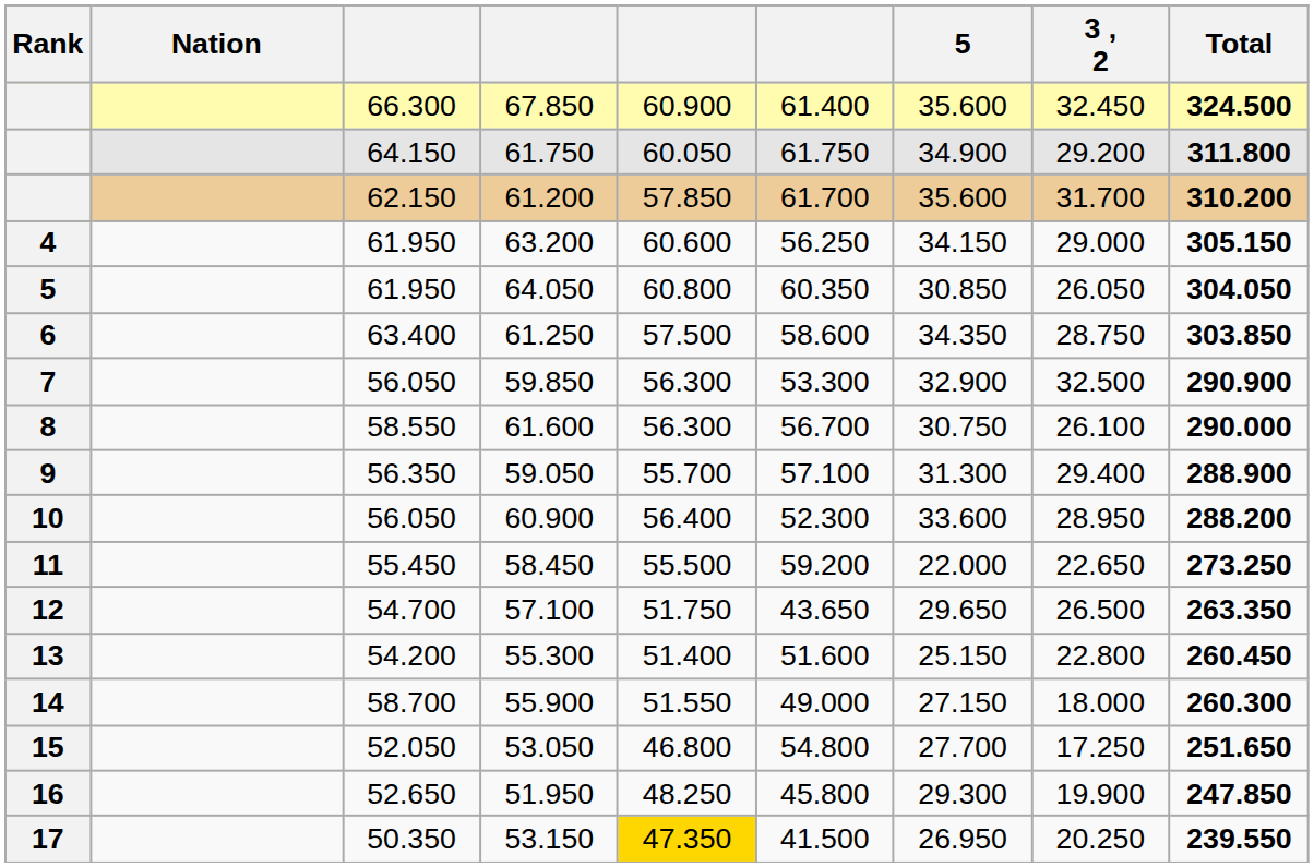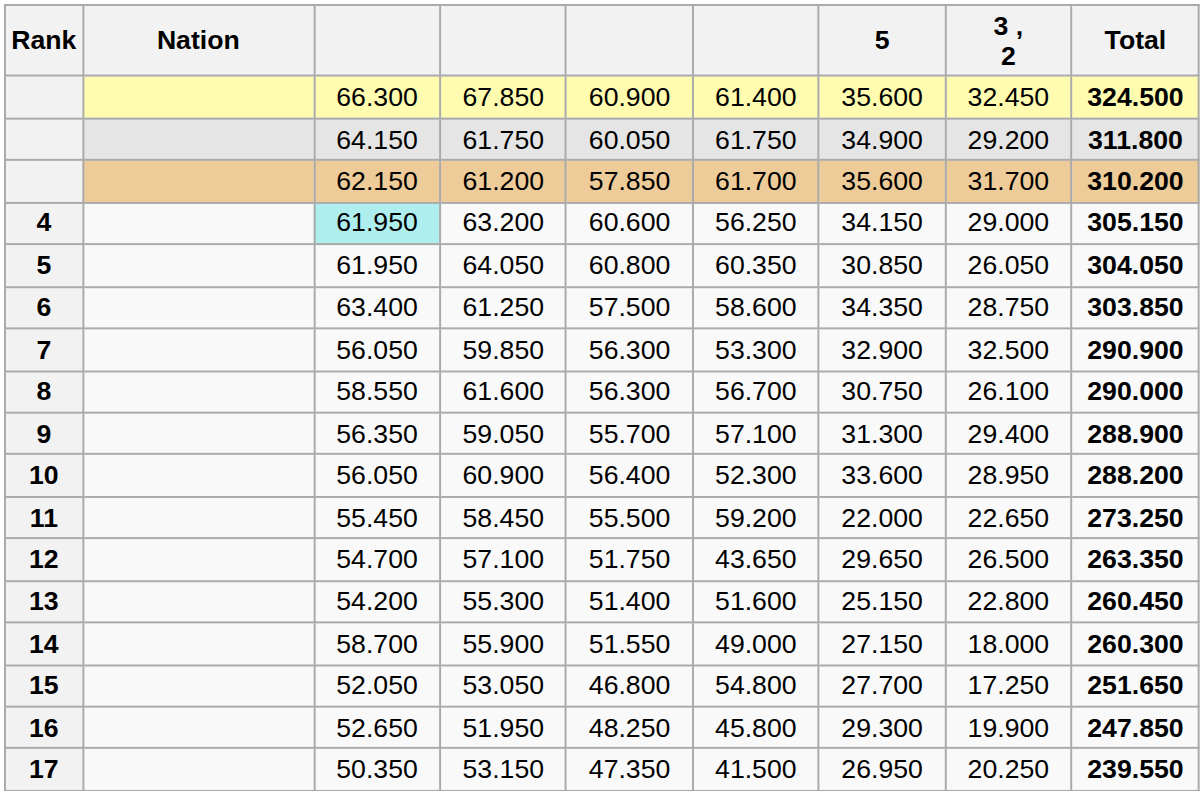 <table class="wikitable sortable" style="text-align:center; font-size:85%">
 <tr>
 <th scope="col" style="width:20px;">Rank</th>
 <th scope="col" style="width:120px;">Nation</th>
 <th scope="col" style="width:60px;"></th>
 <th scope="col" style="width:60px;"></th>
 <th scope="col" style="width:60px;"></th>
 <th scope="col" style="width:60px;"></th>
 <th scope="col" style="width:60px;">5 </th>
 <th scope="col" style="width:60px;">3 ,<br>2 </th>
 <th scope="col" style="width:60px;">Total</th>
 </tr>
 <tr bgcolor="fffcaf">
 <th scope="row"></th>
 <td align="left"></td>
 <td>66.300</td>
 <td>67.850</td>
 <td>60.900</td>
 <td>61.400</td>
 <td>35.600</td>
 <td>32.450</td>
 <td><strong> 324.500 </strong></td>
 </tr>
 <tr bgcolor="e5e5e5">
 <th scope="row"></th>
 <td align="left"></td>
 <td>64.150</td>
 <td>61.750</td>
 <td>60.050</td>
 <td>61.750</td>
 <td>34.900</td>
 <td>29.200</td>
 <td><strong>311.800 </strong></td>
 </tr>
 <tr bgcolor="eecc99">
 <th scope="row"></th>
 <td align="left"></td>
 <td>62.150</td>
 <td>61.200</td>
 <td>57.850</td>
 <td>61.700</td>
 <td>35.600</td>
 <td>31.700</td>
 <td><strong>310.200</strong></td>
 </tr>
 <tr>
 <th scope="row">4</th>
 <td align="left"></td>
-<td>61.950</td>
+<td style="background: paleturquoise;">61.950</td>
 <td>63.200</td>
 <td>60.600</td>
 <td>56.250</td>
 <td>34.150</td>
 <td>29.000</td>
 <td><strong>305.150</strong></td>
 </tr>
 <tr>
 <th scope="row">5</th>
 <td align="left"></td>
 <td>61.950</td>
 <td>64.050</td>
 <td>60.800</td>
 <td>60.350</td>
 <td>30.850</td>
 <td>26.050</td>
 <td><strong>304.050</strong></td>
 </tr>
 <tr>
 <th scope="row">6</th>
 <td align="left"></td>
 <td>63.400</td>
 <td>61.250</td>
 <td>57.500</td>
 <td>58.600</td>
 <td>34.350</td>
 <td>28.750</td>
 <td><strong>303.850</strong></td>
 </tr>
 <tr>
 <th scope="row">7</th>
 <td align="left"></td>
 <td>56.050</td>
 <td>59.850</td>
 <td>56.300</td>
 <td>53.300</td>
 <td>32.900</td>
 <td>32.500</td>
 <td><strong>290.900</strong></td>
 </tr>
 <tr>
 <th scope="row">8</th>
 <td align="left"></td>
 <td>58.550</td>
 <td>61.600</td>
 <td>56.300</td>
 <td>56.700</td>
 <td>30.750</td>
 <td>26.100</td>
 <td><strong>290.000</strong></td>
 </tr>
 <tr>
 <th scope="row">9</th>
 <td align="left"></td>
 <td>56.350</td>
 <td>59.050</td>
 <td>55.700</td>
 <td>57.100</td>
 <td>31.300</td>
 <td>29.400</td>
 <td><strong>288.900</strong></td>
 </tr>
 <tr>
 <th scope="row">10</th>
 <td align="left"></td>
 <td>56.050</td>
 <td>60.900</td>
 <td>56.400</td>
 <td>52.300</td>
 <td>33.600</td>
 <td>28.950</td>
 <td><strong>288.200</strong></td>
 </tr>
 <tr>
 <th scope="row">11</th>
 <td align="left"></td>
 <td>55.450</td>
 <td>58.450</td>
 <td>55.500</td>
 <td>59.200</td>
 <td>22.000</td>
 <td>22.650</td>
 <td><strong>273.250</strong></td>
 </tr>
 <tr>
 <th scope="row">12</th>
 <td align="left"></td>
 <td>54.700</td>
 <td>57.100</td>
 <td>51.750</td>
 <td>43.650</td>
 <td>29.650</td>
 <td>26.500</td>
 <td><strong>263.350</strong></td>
 </tr>
 <tr>
 <th scope="row">13</th>
 <td align="left"></td>
 <td>54.200</td>
 <td>55.300</td>
 <td>51.400</td>
 <td>51.600</td>
 <td>25.150</td>
 <td>22.800</td>
 <td><strong>260.450</strong></td>
 </tr>
 <tr>
 <th scope="row">14</th>
 <td align="left"></td>
 <td>58.700</td>
 <td>55.900</td>
 <td>51.550</td>
 <td>49.000</td>
 <td>27.150</td>
 <td>18.000</td>
 <td><strong>260.300</strong></td>
 </tr>
 <tr>
 <th scope="row">15</th>
 <td align="left"></td>
 <td>52.050</td>
 <td>53.050</td>
 <td>46.800</td>
 <td>54.800</td>
 <td>27.700</td>
 <td>17.250</td>
 <td><strong>251.650</strong></td>
 </tr>
 <tr>
 <th scope="row">16</th>
 <td align="left"></td>
 <td>52.650</td>
 <td>51.950</td>
 <td>48.250</td>
 <td>45.800</td>
 <td>29.300</td>
 <td>19.900</td>
 <td><strong>247.850</strong></td>
 </tr>
 <tr>
 <th scope="row">17</th>
 <td align="left"></td>
 <td>50.350</td>
 <td>53.150</td>
-<td style="background: gold;">47.350</td>
+<td>47.350</td>
 <td>41.500</td>
 <td>26.950</td>
 <td>20.250</td>
 <td><strong>239.550</strong></td>
 </tr>
 <tr>
 </tr>
 </table>
